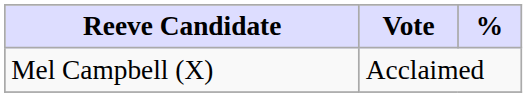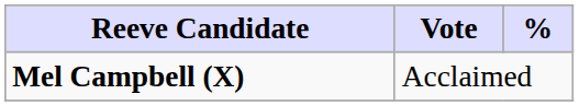 <table class="wikitable">
 <tr>
 <th style="background:#ddf; width:200px;">Reeve Candidate </th>
 <th style="background:#ddf; width:50px;">Vote</th>
 <th style="background:#ddf; width:30px;">%</th>
 </tr>
 <tr>
-<td>Mel Campbell (X)</td>
+<td><strong>Mel Campbell (X)</strong></td>
 <td colspan="2">Acclaimed</td>
 </tr>
 </table>
